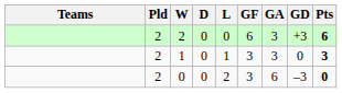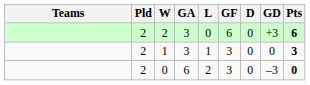 <table class="wikitable" style="text-align: center;">
 <tr>
 <th width=165>Teams</th>
 <th width=20>Pld</th>
 <th width=20>W</th>
-<th width=20>D</th>
+<th width=20>GA</th>
 <th width=20>L</th>
 <th width=20>GF</th>
-<th width=20>GA</th>
+<th width=20>D</th>
 <th width=20>GD</th>
 <th width=20>Pts</th>
 </tr>
 <tr align=center style="background:#ccffcc;">
 <td style="text-align:left;"></td>
 <td>2</td>
 <td>2</td>
-<td>0</td>
+<td>3</td>
 <td>0</td>
 <td>6</td>
-<td>3</td>
+<td>0</td>
 <td>+3</td>
 <td><strong>6</strong></td>
 </tr>
 <tr align=center>
 <td style="text-align:left;"></td>
 <td>2</td>
 <td>1</td>
-<td>0</td>
+<td>3</td>
 <td>1</td>
 <td>3</td>
-<td>3</td>
+<td>0</td>
 <td>0</td>
 <td><strong>3</strong></td>
 </tr>
 <tr align=center>
 <td style="text-align:left;"></td>
 <td>2</td>
 <td>0</td>
-<td>0</td>
+<td>6</td>
 <td>2</td>
 <td>3</td>
-<td>6</td>
+<td>0</td>
 <td>–3</td>
 <td><strong>0</strong></td>
 </tr>
 </table>
